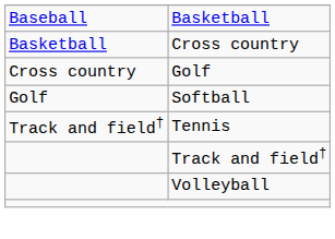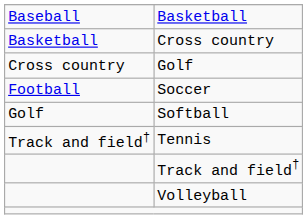 <table class="wikitable">
 <tr>
 </tr>
 <tr>
 <td><a href='#'>Baseball</a></td>
 <td><a href='#'>Basketball</a></td>
 </tr>
 <tr>
 <td><a href='#'>Basketball</a></td>
 <td>Cross country</td>
 </tr>
 <tr>
 <td>Cross country</td>
 <td>Golf</td>
+</tr>
+<tr>
+<td><a href='#'>Football</a></td>
+<td>Soccer</td>
 </tr>
 <tr>
 <td>Golf</td>
 <td>Softball</td>
 </tr>
 <tr>
 <td>Track and field<sup>†</sup></td>
 <td>Tennis</td>
 </tr>
 <tr>
 <td></td>
 <td>Track and field<sup>†</sup></td>
 </tr>
 <tr>
 <td></td>
 <td>Volleyball</td>
 </tr>
 <tr>
 <td colspan="2"></td>
 </tr>
 </table>
